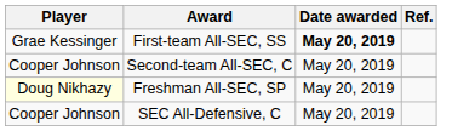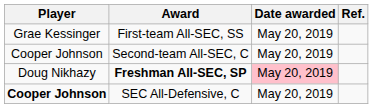 <table class="wikitable sortable sortable" style="text-align: center">
 <tr align=center>
 <th>Player</th>
 <th>Award</th>
 <th>Date awarded</th>
 <th>Ref.</th>
 </tr>
 <tr>
 <td>Grae Kessinger</td>
 <td rowspan="1">First-team All-SEC, SS</td>
-<td rowspan="1"><strong>May 20, 2019</strong></td>
+<td rowspan="1">May 20, 2019</td>
 <td rowspan="1"></td>
 </tr>
 <tr>
 <td>Cooper Johnson</td>
 <td rowspan="1">Second-team All-SEC, C</td>
 <td rowspan="1">May 20, 2019</td>
 <td rowspan="1"></td>
 </tr>
 <tr>
-<td style="background: lightyellow;">Doug Nikhazy</td>
-<td rowspan="1">Freshman All-SEC, SP</td>
-<td rowspan="1">May 20, 2019</td>
+<td>Doug Nikhazy</td>
+<td rowspan="1"><strong>Freshman All-SEC, SP</strong></td>
+<td rowspan="1" style="background: pink;">May 20, 2019</td>
 <td rowspan="1"></td>
 </tr>
 <tr>
-<td>Cooper Johnson</td>
+<td><strong>Cooper Johnson</strong></td>
 <td rowspan="1">SEC All-Defensive, C</td>
 <td rowspan="1">May 20, 2019</td>
 <td rowspan="1"></td>
 </tr>
 </table>
